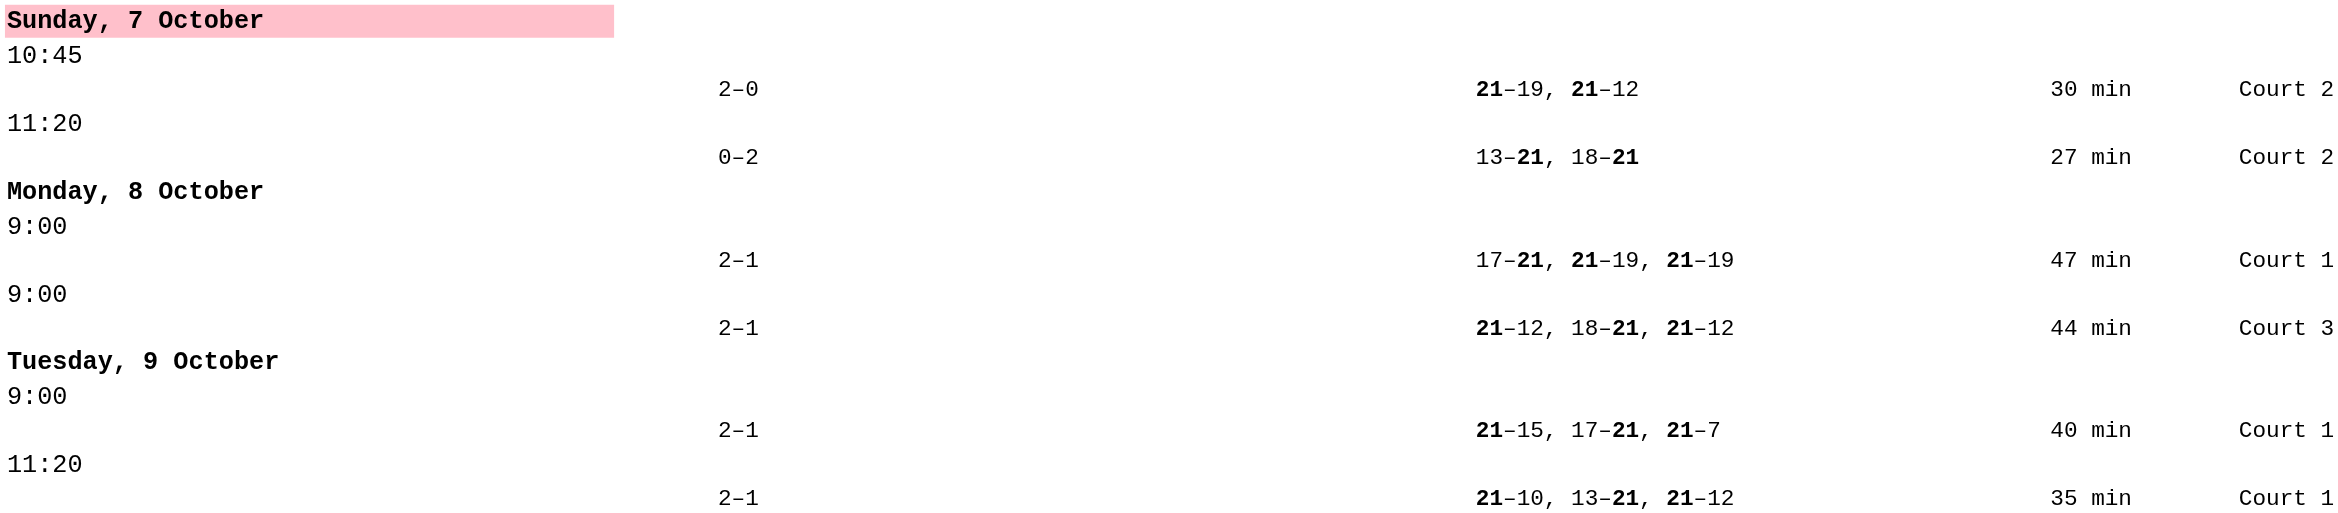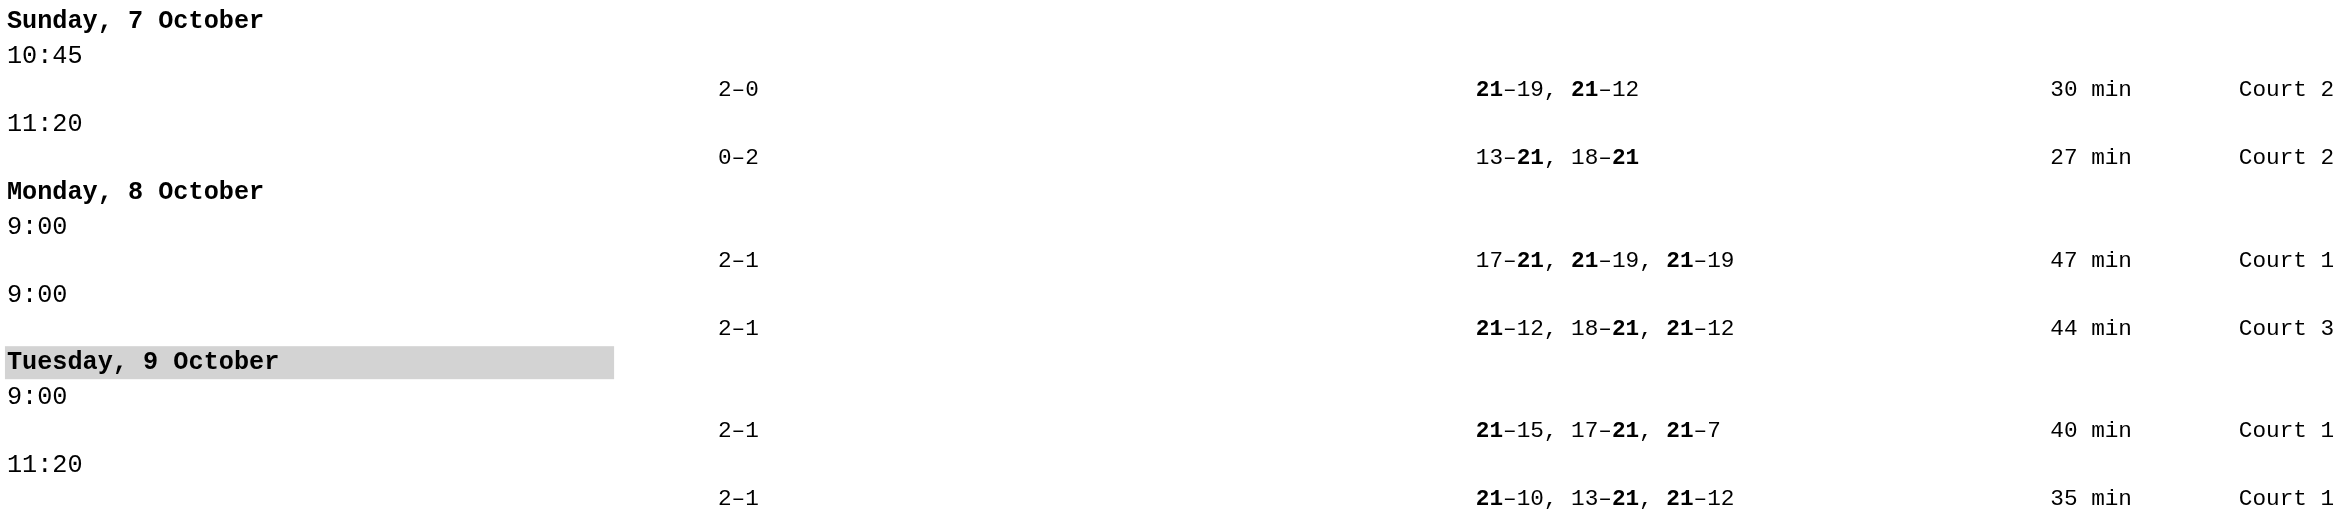 <table style="width:100%;" cellspacing="1">
 <tr>
 <th width=25%></th>
 <th width=10%></th>
 <th width=25%></th>
 </tr>
 <tr>
-<td style="background: pink;"><strong>Sunday, 7 October</strong></td>
+<td><strong>Sunday, 7 October</strong></td>
 </tr>
 <tr>
 <td>10:45</td>
 </tr>
 <tr style=font-size:90%>
 <td align=right><strong></strong></td>
 <td align=center>2–0</td>
 <td></td>
 <td><strong>21</strong>–19, <strong>21</strong>–12</td>
 <td>30 min</td>
 <td>Court 2</td>
 </tr>
 <tr>
 <td>11:20</td>
 </tr>
 <tr style=font-size:90%>
 <td align=right></td>
 <td align=center>0–2</td>
 <td><strong></strong></td>
 <td>13–<strong>21</strong>, 18–<strong>21</strong></td>
 <td>27 min</td>
 <td>Court 2</td>
 </tr>
 <tr>
 <td><strong>Monday, 8 October</strong></td>
 </tr>
 <tr>
 <td>9:00</td>
 </tr>
 <tr style=font-size:90%>
 <td align=right><strong></strong></td>
 <td align=center>2–1</td>
 <td></td>
 <td>17–<strong>21</strong>, <strong>21</strong>–19, <strong>21</strong>–19</td>
 <td>47 min</td>
 <td>Court 1</td>
 </tr>
 <tr>
 <td>9:00</td>
 </tr>
 <tr style=font-size:90%>
 <td align=right><strong></strong></td>
 <td align=center>2–1</td>
 <td></td>
 <td><strong>21</strong>–12, 18–<strong>21</strong>, <strong>21</strong>–12</td>
 <td>44 min</td>
 <td>Court 3</td>
 </tr>
 <tr>
-<td><strong>Tuesday, 9 October</strong></td>
+<td style="background: lightgrey;"><strong>Tuesday, 9 October</strong></td>
 </tr>
 <tr>
 <td>9:00</td>
 </tr>
 <tr style=font-size:90%>
 <td align=right><strong></strong></td>
 <td align=center>2–1</td>
 <td></td>
 <td><strong>21</strong>–15, 17–<strong>21</strong>, <strong>21</strong>–7</td>
 <td>40 min</td>
 <td>Court 1</td>
 </tr>
 <tr>
 <td>11:20</td>
 </tr>
 <tr style=font-size:90%>
 <td align=right><strong></strong></td>
 <td align=center>2–1</td>
 <td></td>
 <td><strong>21</strong>–10, 13–<strong>21</strong>, <strong>21</strong>–12</td>
 <td>35 min</td>
 <td>Court 1</td>
 </tr>
 </table>
